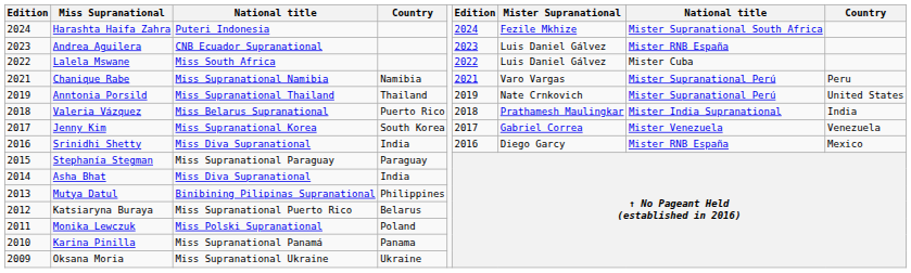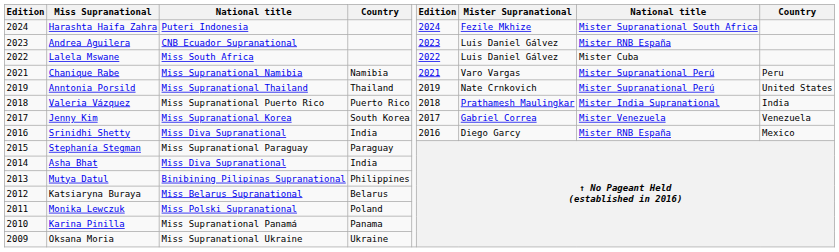 <table class="wikitable" style="font-size: 90%;">
 <tr>
 <th>Edition</th>
 <th>Miss Supranational</th>
 <th>National title</th>
 <th>Country</th>
 <td rowspan="16"></td>
 <th><strong>Edition</strong></th>
 <th>Mister Supranational</th>
 <th>National title</th>
 <th>Country</th>
 </tr>
 <tr>
 <td>2024</td>
 <td><a href='#'>Harashta Haifa Zahra</a></td>
 <td><a href='#'>Puteri Indonesia</a></td>
 <td></td>
 <td><a href='#'>2024</a></td>
 <td><a href='#'>Fezile Mkhize</a></td>
 <td><a href='#'>Mister Supranational South Africa</a></td>
 <td></td>
 </tr>
 <tr>
 <td>2023</td>
 <td><a href='#'>Andrea Aguilera</a></td>
 <td><a href='#'>CNB Ecuador Supranational</a></td>
 <td></td>
 <td><a href='#'>2023</a></td>
 <td>Luis Daniel Gálvez</td>
 <td><a href='#'>Mister RNB España</a></td>
 <td></td>
 </tr>
 <tr>
 <td>2022</td>
 <td><a href='#'>Lalela Mswane</a></td>
 <td><a href='#'>Miss South Africa</a></td>
 <td></td>
 <td><a href='#'>2022</a></td>
 <td>Luis Daniel Gálvez</td>
 <td>Mister Cuba</td>
 <td></td>
 </tr>
 <tr>
 <td>2021</td>
 <td><a href='#'>Chanique Rabe</a></td>
 <td><a href='#'>Miss Supranational Namibia</a></td>
 <td> Namibia</td>
 <td><a href='#'>2021</a></td>
 <td>Varo Vargas</td>
 <td><a href='#'>Mister Supranational Perú</a></td>
 <td> Peru</td>
 </tr>
 <tr>
 <td>2019</td>
 <td><a href='#'>Anntonia Porsild</a></td>
 <td><a href='#'>Miss Supranational Thailand</a></td>
 <td> Thailand</td>
 <td>2019</td>
 <td>Nate Crnkovich</td>
 <td><a href='#'>Mister Supranational Perú</a></td>
 <td> United States</td>
 </tr>
 <tr>
 <td>2018</td>
 <td><a href='#'>Valeria Vázquez</a></td>
-<td><a href='#'>Miss Belarus Supranational</a></td>
+<td>Miss Supranational Puerto Rico</td>
 <td> Puerto Rico</td>
 <td>2018</td>
 <td><a href='#'>Prathamesh Maulingkar</a></td>
 <td><a href='#'>Mister India Supranational</a></td>
 <td> India</td>
 </tr>
 <tr>
 <td>2017</td>
 <td><a href='#'>Jenny Kim</a></td>
 <td><a href='#'>Miss Supranational Korea</a></td>
 <td> South Korea</td>
 <td>2017</td>
 <td><a href='#'>Gabriel Correa</a></td>
 <td><a href='#'>Mister Venezuela</a></td>
 <td> Venezuela</td>
 </tr>
 <tr>
 <td>2016</td>
 <td><a href='#'>Srinidhi Shetty</a></td>
 <td><a href='#'>Miss Diva Supranational</a></td>
 <td> India</td>
 <td>2016</td>
 <td>Diego Garcy</td>
 <td><a href='#'>Mister RNB España</a></td>
 <td> Mexico</td>
 </tr>
 <tr>
 <td>2015</td>
 <td><a href='#'>Stephanía Stegman</a></td>
 <td>Miss Supranational Paraguay</td>
 <td> Paraguay</td>
 <th align="centre" bgcolor="#a9a9a9" rowspan="39" colspan="9 "><em>↑ No Pageant Held<br>(established in 2016)</em></th>
 </tr>
 <tr>
 <td>2014</td>
 <td><a href='#'>Asha Bhat</a></td>
 <td><a href='#'>Miss Diva Supranational</a></td>
 <td> India</td>
 </tr>
 <tr>
 <td>2013</td>
 <td><a href='#'>Mutya Datul</a></td>
 <td><a href='#'>Binibining Pilipinas Supranational</a></td>
 <td> Philippines</td>
 </tr>
 <tr>
 <td>2012</td>
 <td>Katsiaryna Buraya</td>
-<td>Miss Supranational Puerto Rico</td>
+<td><a href='#'>Miss Belarus Supranational</a></td>
 <td> Belarus</td>
 </tr>
 <tr>
 <td>2011</td>
 <td><a href='#'>Monika Lewczuk</a></td>
 <td><a href='#'>Miss Polski Supranational</a></td>
 <td> Poland</td>
 </tr>
 <tr>
 <td>2010</td>
 <td><a href='#'>Karina Pinilla</a></td>
 <td>Miss Supranational Panamá</td>
 <td> Panama</td>
 </tr>
 <tr>
 <td>2009</td>
 <td>Oksana Moria</td>
 <td>Miss Supranational Ukraine</td>
 <td> Ukraine</td>
 </tr>
 </table>
